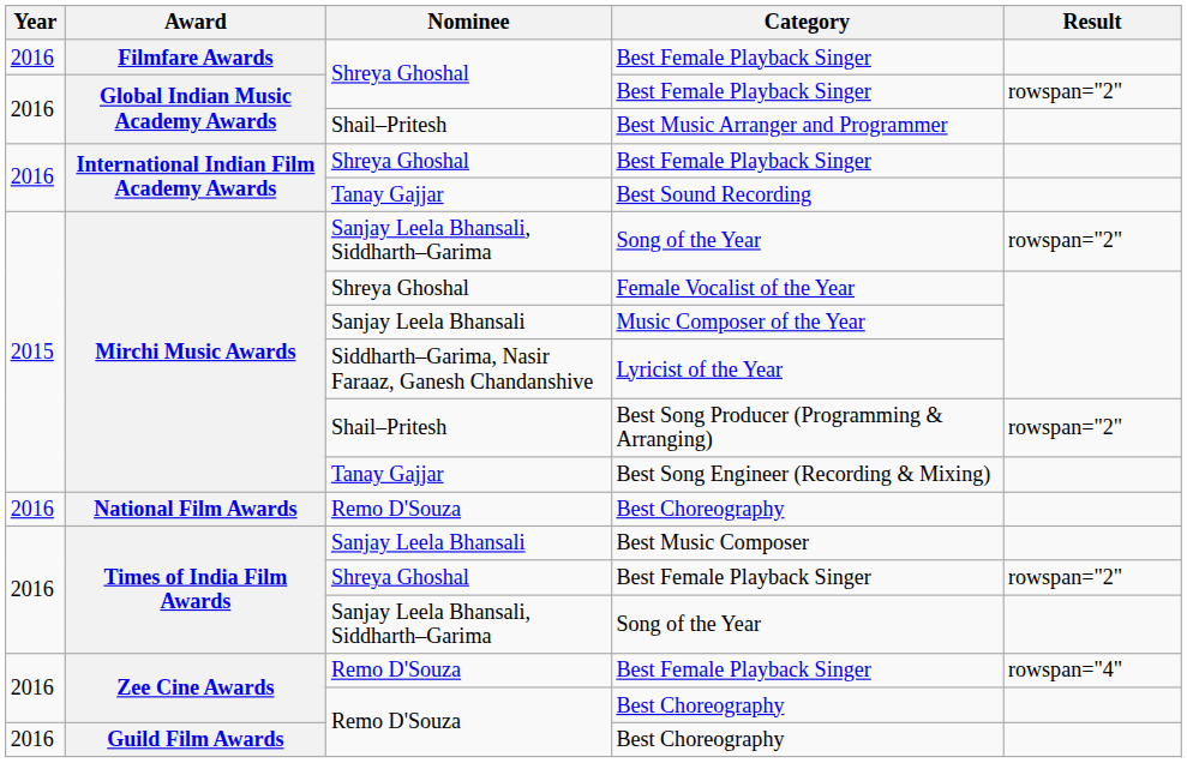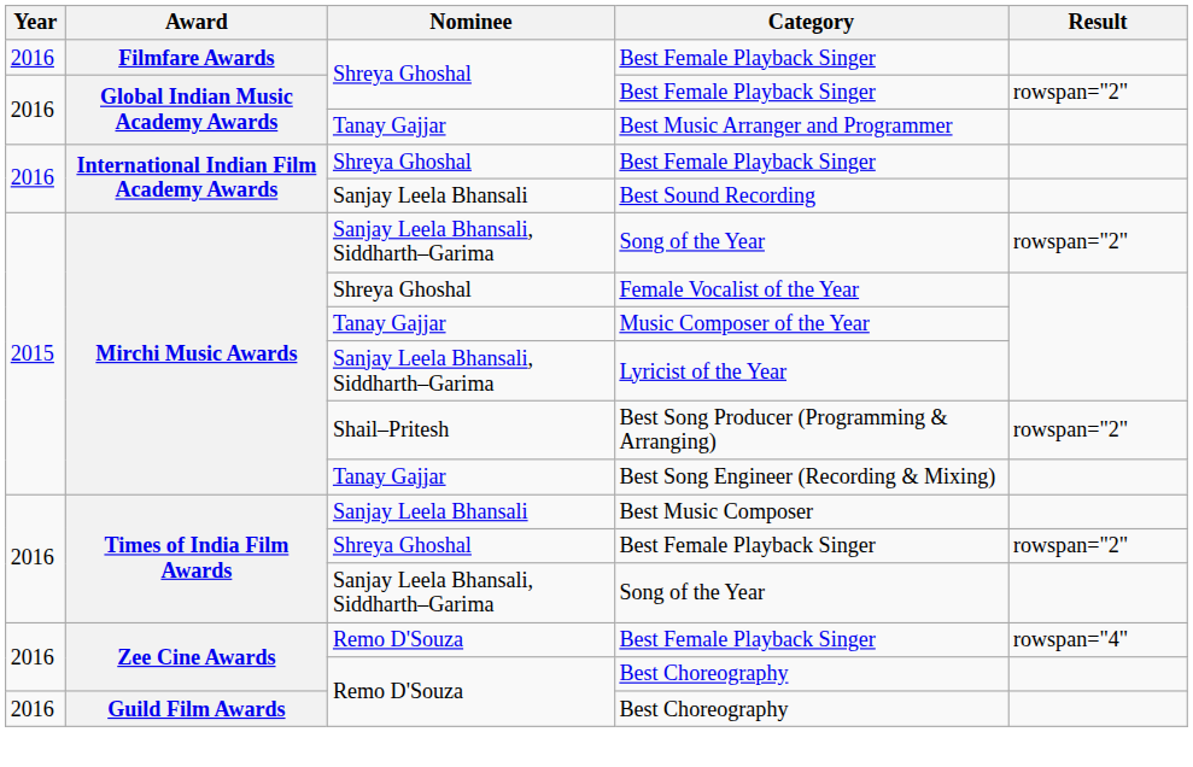 <table class="wikitable sortable plainrowheaders">
 <tr>
 <th width=5%>Year</th>
 <th width=22%>Award</th>
 <th width=24%>Nominee</th>
 <th width=33%>Category</th>
 <th width=15%>Result</th>
 </tr>
 <tr>
 <td><a href='#'>2016</a></td>
 <th scope="row"><a href='#'>Filmfare Awards</a></th>
 <td rowspan="2"><a href='#'>Shreya Ghoshal</a></td>
 <td><a href='#'>Best Female Playback Singer</a></td>
 <td></td>
 </tr>
 <tr>
 <td rowspan="2">2016</td>
 <th scope="row" rowspan="2"><a href='#'>Global Indian Music Academy Awards</a></th>
 <td><a href='#'>Best Female Playback Singer</a></td>
 <td>rowspan="2" </td>
 </tr>
 <tr>
-<td>Shail–Pritesh</td>
+<td><a href='#'>Tanay Gajjar</a></td>
 <td><a href='#'>Best Music Arranger and Programmer</a></td>
 </tr>
 <tr>
 <td rowspan="2"><a href='#'>2016</a></td>
 <th scope="row" rowspan="2"><a href='#'>International Indian Film Academy Awards</a></th>
 <td><a href='#'>Shreya Ghoshal</a></td>
 <td><a href='#'>Best Female Playback Singer</a></td>
 <td></td>
 </tr>
 <tr>
-<td><a href='#'>Tanay Gajjar</a></td>
+<td>Sanjay Leela Bhansali</td>
 <td><a href='#'>Best Sound Recording</a></td>
 <td></td>
 </tr>
 <tr>
 <td rowspan="6"><a href='#'>2015</a></td>
 <th scope="row" rowspan="6"><a href='#'>Mirchi Music Awards</a></th>
 <td><a href='#'>Sanjay Leela Bhansali</a>, Siddharth–Garima</td>
 <td><a href='#'>Song of the Year</a></td>
 <td>rowspan="2" </td>
 </tr>
 <tr>
 <td>Shreya Ghoshal</td>
 <td><a href='#'>Female Vocalist of the Year</a></td>
 </tr>
 <tr>
-<td>Sanjay Leela Bhansali</td>
+<td><a href='#'>Tanay Gajjar</a></td>
 <td><a href='#'>Music Composer of the Year</a></td>
 </tr>
 <tr>
-<td>Siddharth–Garima, Nasir Faraaz, Ganesh Chandanshive</td>
+<td><a href='#'>Sanjay Leela Bhansali</a>, Siddharth–Garima</td>
 <td><a href='#'>Lyricist of the Year</a></td>
 </tr>
 <tr>
 <td>Shail–Pritesh</td>
 <td>Best Song Producer (Programming & Arranging)</td>
 <td>rowspan="2" </td>
 </tr>
 <tr>
 <td><a href='#'>Tanay Gajjar</a></td>
 <td>Best Song Engineer (Recording & Mixing)</td>
-</tr>
-<tr>
-<td><a href='#'>2016</a></td>
-<th scope="row"><a href='#'>National Film Awards</a></th>
-<td><a href='#'>Remo D'Souza</a></td>
-<td><a href='#'>Best Choreography</a></td>
-<td></td>
 </tr>
 <tr>
 <td rowspan="3">2016</td>
 <th scope="row" rowspan="3"><a href='#'>Times of India Film Awards</a></th>
 <td><a href='#'>Sanjay Leela Bhansali</a></td>
 <td>Best Music Composer</td>
 <td></td>
 </tr>
 <tr>
 <td><a href='#'>Shreya Ghoshal</a></td>
 <td>Best Female Playback Singer</td>
 <td>rowspan="2" </td>
 </tr>
 <tr>
 <td>Sanjay Leela Bhansali, Siddharth–Garima</td>
 <td>Song of the Year</td>
 </tr>
 <tr>
 <td rowspan="2">2016</td>
 <th scope="row" rowspan="2"><a href='#'>Zee Cine Awards</a></th>
 <td><a href='#'>Remo D'Souza</a></td>
 <td><a href='#'>Best Female Playback Singer</a></td>
 <td>rowspan="4" </td>
 </tr>
 <tr>
 <td rowspan="2">Remo D'Souza</td>
 <td><a href='#'>Best Choreography</a></td>
 </tr>
 <tr>
 <td>2016</td>
 <th scope="row"><a href='#'>Guild Film Awards</a></th>
 <td>Best Choreography</td>
 <td></td>
 </tr>
 </table>
